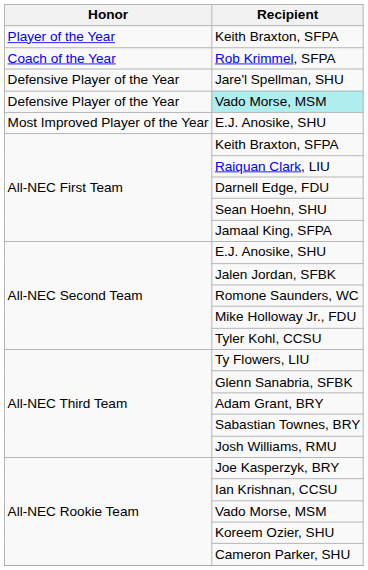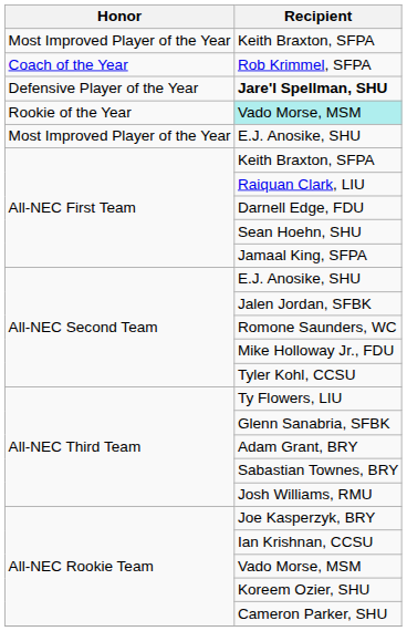 <table class="wikitable" border="1">
 <tr>
 <th>Honor</th>
 <th>Recipient</th>
 </tr>
 <tr>
-<td><a href='#'>Player of the Year</a></td>
+<td>Most Improved Player of the Year</td>
 <td>Keith Braxton, SFPA</td>
 </tr>
 <tr>
 <td><a href='#'>Coach of the Year</a></td>
 <td><a href='#'>Rob Krimmel</a>, SFPA</td>
 </tr>
 <tr>
 <td>Defensive Player of the Year</td>
-<td>Jare'l Spellman, SHU</td>
+<td><strong>Jare'l Spellman, SHU</strong></td>
 </tr>
 <tr>
-<td>Defensive Player of the Year</td>
+<td>Rookie of the Year</td>
 <td style="background: paleturquoise;">Vado Morse, MSM</td>
 </tr>
 <tr>
 <td>Most Improved Player of the Year</td>
 <td>E.J. Anosike, SHU</td>
 </tr>
 <tr>
 <td rowspan="5" valign="middle">All-NEC First Team</td>
 <td>Keith Braxton, SFPA</td>
 </tr>
 <tr>
 <td><a href='#'>Raiquan Clark</a>, LIU</td>
 </tr>
 <tr>
 <td>Darnell Edge, FDU</td>
 </tr>
 <tr>
 <td>Sean Hoehn, SHU</td>
 </tr>
 <tr>
 <td>Jamaal King, SFPA</td>
 </tr>
 <tr>
 <td rowspan="5" valign="middle">All-NEC Second Team</td>
 <td>E.J. Anosike, SHU</td>
 </tr>
 <tr>
 <td>Jalen Jordan, SFBK</td>
 </tr>
 <tr>
 <td>Romone Saunders, WC</td>
 </tr>
 <tr>
 <td>Mike Holloway Jr., FDU</td>
 </tr>
 <tr>
 <td>Tyler Kohl, CCSU</td>
 </tr>
 <tr>
 <td rowspan="5" valign="middle">All-NEC Third Team</td>
 <td>Ty Flowers, LIU</td>
 </tr>
 <tr>
 <td>Glenn Sanabria, SFBK</td>
 </tr>
 <tr>
 <td>Adam Grant, BRY</td>
 </tr>
 <tr>
 <td>Sabastian Townes, BRY</td>
 </tr>
 <tr>
 <td>Josh Williams, RMU</td>
 </tr>
 <tr>
 <td rowspan="5" valign="middle">All-NEC Rookie Team</td>
 <td>Joe Kasperzyk, BRY</td>
 </tr>
 <tr>
 <td>Ian Krishnan, CCSU</td>
 </tr>
 <tr>
 <td>Vado Morse, MSM</td>
 </tr>
 <tr>
 <td>Koreem Ozier, SHU</td>
 </tr>
 <tr>
 <td>Cameron Parker, SHU</td>
 </tr>
 <tr>
 </tr>
 </table>
